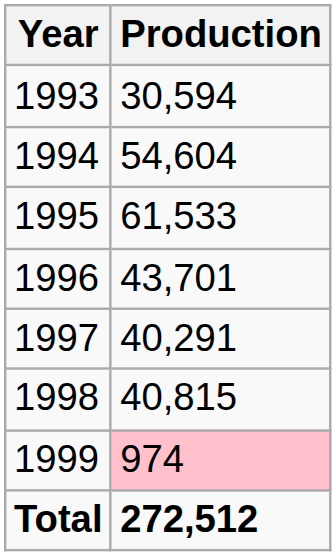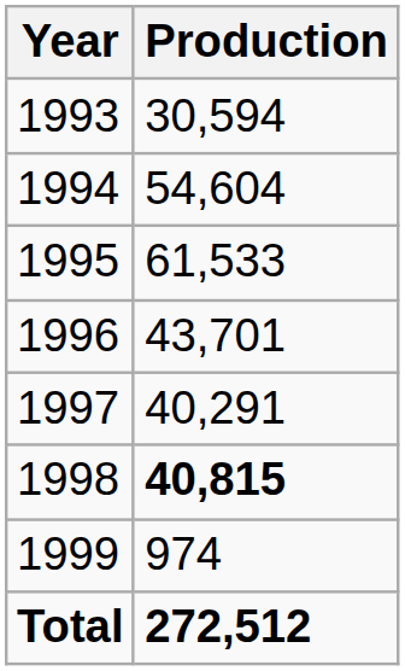 <table class="wikitable">
 <tr>
 <th>Year</th>
 <th>Production</th>
 </tr>
 <tr>
 <td>1993</td>
 <td>30,594</td>
 </tr>
 <tr>
 <td>1994</td>
 <td>54,604</td>
 </tr>
 <tr>
 <td>1995</td>
 <td>61,533</td>
 </tr>
 <tr>
 <td>1996</td>
 <td>43,701</td>
 </tr>
 <tr>
 <td>1997</td>
 <td>40,291</td>
 </tr>
 <tr>
 <td>1998</td>
-<td>40,815</td>
+<td><strong>40,815</strong></td>
 </tr>
 <tr>
 <td>1999</td>
-<td style="background: pink;">974</td>
+<td>974</td>
 </tr>
 <tr>
 <td><strong>Total</strong></td>
 <td><strong>272,512</strong></td>
 </tr>
 </table>
